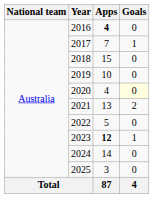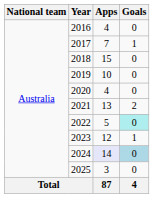 <table class="wikitable" style="text-align:center">
 <tr>
 <th>National team</th>
 <th>Year</th>
 <th>Apps</th>
 <th>Goals</th>
 </tr>
 <tr>
 <td rowspan="10"><a href='#'>Australia</a></td>
 <td>2016</td>
-<td><strong>4</strong></td>
+<td>4</td>
 <td>0</td>
 </tr>
 <tr>
 <td>2017</td>
 <td>7</td>
 <td>1</td>
 </tr>
 <tr>
 <td>2018</td>
 <td>15</td>
 <td>0</td>
 </tr>
 <tr>
 <td>2019</td>
 <td>10</td>
 <td>0</td>
 </tr>
 <tr>
 <td>2020</td>
 <td>4</td>
-<td style="background: lightyellow;">0</td>
+<td>0</td>
 </tr>
 <tr>
 <td>2021</td>
 <td>13</td>
 <td>2</td>
 </tr>
 <tr>
 <td>2022</td>
 <td>5</td>
-<td>0</td>
+<td style="background: paleturquoise;">0</td>
 </tr>
 <tr>
 <td>2023</td>
-<td><strong>12</strong></td>
+<td>12</td>
 <td>1</td>
 </tr>
 <tr>
 <td>2024</td>
-<td>14</td>
-<td>0</td>
+<td style="background: lavender;">14</td>
+<td style="background: lightblue;">0</td>
 </tr>
 <tr>
 <td>2025</td>
 <td>3</td>
 <td>0</td>
 </tr>
 <tr>
 <th colspan="2">Total</th>
 <th>87</th>
 <th>4</th>
 </tr>
 </table>
